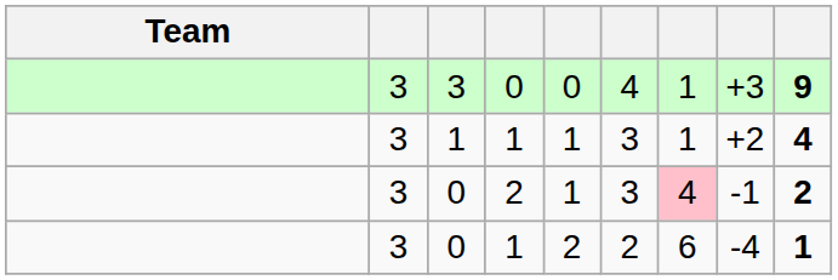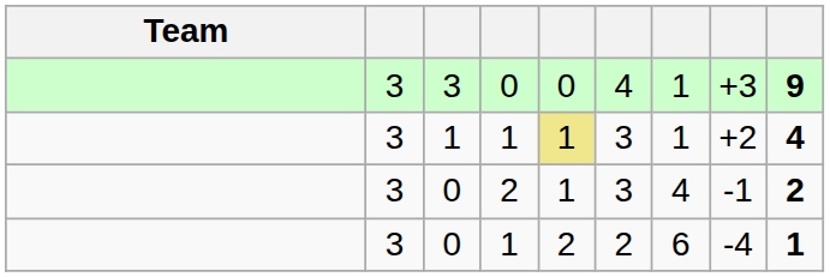 <table class="wikitable" style="text-align: center;">
 <tr>
 <th width="165">Team</th>
 <th width="20"></th>
 <th width="20"></th>
 <th width="20"></th>
 <th width="20"></th>
 <th width="20"></th>
 <th width="20"></th>
 <th width="20"></th>
 <th width="20"></th>
 </tr>
 <tr bgcolor="#ccffcc">
 <td align=left></td>
 <td>3</td>
 <td>3</td>
 <td>0</td>
 <td>0</td>
 <td>4</td>
 <td>1</td>
 <td>+3</td>
 <td><strong>9</strong></td>
 </tr>
 <tr>
 <td align=left></td>
 <td>3</td>
 <td>1</td>
 <td>1</td>
-<td>1</td>
+<td style="background: khaki;">1</td>
 <td>3</td>
 <td>1</td>
 <td>+2</td>
 <td><strong>4</strong></td>
 </tr>
 <tr>
 <td align=left></td>
 <td>3</td>
 <td>0</td>
 <td>2</td>
 <td>1</td>
 <td>3</td>
-<td style="background: pink;">4</td>
+<td>4</td>
 <td>-1</td>
 <td><strong>2</strong></td>
 </tr>
 <tr>
 <td align=left></td>
 <td>3</td>
 <td>0</td>
 <td>1</td>
 <td>2</td>
 <td>2</td>
 <td>6</td>
 <td>-4</td>
 <td><strong>1</strong></td>
 </tr>
 </table>
